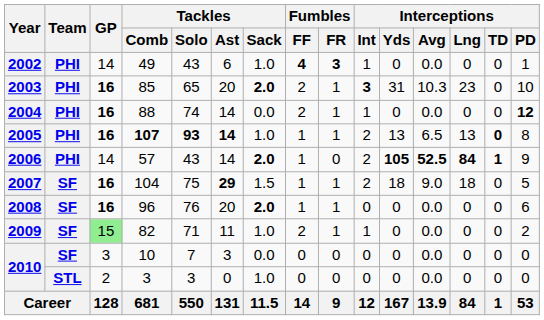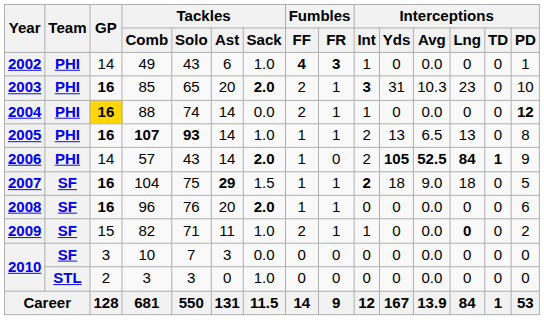 <table class="wikitable" style="text-align:center">
 <tr>
 <th rowspan="2">Year</th>
 <th rowspan="2">Team</th>
 <th rowspan="2">GP</th>
 <th colspan="4">Tackles</th>
 <th colspan="2">Fumbles</th>
 <th colspan="6">Interceptions</th>
 </tr>
 <tr>
 <th>Comb</th>
 <th>Solo</th>
 <th>Ast</th>
 <th>Sack</th>
 <th>FF</th>
 <th>FR</th>
 <th>Int</th>
 <th>Yds</th>
 <th>Avg</th>
 <th>Lng</th>
 <th>TD</th>
 <th>PD</th>
 </tr>
 <tr>
 <th><a href='#'>2002</a></th>
 <th><a href='#'>PHI</a></th>
 <td>14</td>
 <td>49</td>
 <td>43</td>
 <td>6</td>
 <td>1.0</td>
 <td><strong>4</strong></td>
 <td><strong>3</strong></td>
 <td>1</td>
 <td>0</td>
 <td>0.0</td>
 <td>0</td>
 <td>0</td>
 <td>1</td>
 </tr>
 <tr>
 <th><a href='#'>2003</a></th>
 <th><a href='#'>PHI</a></th>
 <td><strong>16</strong></td>
 <td>85</td>
 <td>65</td>
 <td>20</td>
 <td><strong>2.0</strong></td>
 <td>2</td>
 <td>1</td>
 <td><strong>3</strong></td>
 <td>31</td>
 <td>10.3</td>
 <td>23</td>
 <td>0</td>
 <td>10</td>
 </tr>
 <tr>
 <th><a href='#'>2004</a></th>
 <th><a href='#'>PHI</a></th>
-<td><strong>16</strong></td>
+<td style="background: gold;"><strong>16</strong></td>
 <td>88</td>
 <td>74</td>
 <td>14</td>
 <td>0.0</td>
 <td>2</td>
 <td>1</td>
 <td>1</td>
 <td>0</td>
 <td>0.0</td>
 <td>0</td>
 <td>0</td>
 <td><strong>12</strong></td>
 </tr>
 <tr>
 <th><a href='#'>2005</a></th>
 <th><a href='#'>PHI</a></th>
 <td><strong>16</strong></td>
 <td><strong>107</strong></td>
 <td><strong>93</strong></td>
-<td><strong>14</strong></td>
+<td>14</td>
 <td>1.0</td>
 <td>1</td>
 <td>1</td>
 <td>2</td>
 <td>13</td>
 <td>6.5</td>
 <td>13</td>
-<td><strong>0</strong></td>
+<td>0</td>
 <td>8</td>
 </tr>
 <tr>
 <th><a href='#'>2006</a></th>
 <th><a href='#'>PHI</a></th>
 <td>14</td>
 <td>57</td>
 <td>43</td>
 <td>14</td>
 <td><strong>2.0</strong></td>
 <td>1</td>
 <td>0</td>
 <td>2</td>
 <td><strong>105</strong></td>
 <td><strong>52.5</strong></td>
 <td><strong>84</strong></td>
 <td><strong>1</strong></td>
 <td>9</td>
 </tr>
 <tr>
 <th><a href='#'>2007</a></th>
 <th><a href='#'>SF</a></th>
 <td><strong>16</strong></td>
 <td>104</td>
 <td>75</td>
 <td><strong>29</strong></td>
 <td>1.5</td>
 <td>1</td>
 <td>1</td>
-<td>2</td>
+<td><strong>2</strong></td>
 <td>18</td>
 <td>9.0</td>
 <td>18</td>
 <td>0</td>
 <td>5</td>
 </tr>
 <tr>
 <th><a href='#'>2008</a></th>
 <th><a href='#'>SF</a></th>
 <td><strong>16</strong></td>
 <td>96</td>
 <td>76</td>
 <td>20</td>
 <td><strong>2.0</strong></td>
 <td>1</td>
 <td>1</td>
 <td>0</td>
 <td>0</td>
 <td>0.0</td>
 <td>0</td>
 <td>0</td>
 <td>6</td>
 </tr>
 <tr>
 <th><a href='#'>2009</a></th>
 <th><a href='#'>SF</a></th>
-<td style="background: lightgreen;">15</td>
+<td>15</td>
 <td>82</td>
 <td>71</td>
 <td>11</td>
 <td>1.0</td>
 <td>2</td>
 <td>1</td>
 <td>1</td>
 <td>0</td>
 <td>0.0</td>
-<td>0</td>
+<td><strong>0</strong></td>
 <td>0</td>
 <td>2</td>
 </tr>
 <tr>
 <th rowspan="2"><a href='#'>2010</a></th>
 <th><a href='#'>SF</a></th>
 <td>3</td>
 <td>10</td>
 <td>7</td>
 <td>3</td>
 <td>0.0</td>
 <td>0</td>
 <td>0</td>
 <td>0</td>
 <td>0</td>
 <td>0.0</td>
 <td>0</td>
 <td>0</td>
 <td>0</td>
 </tr>
 <tr>
 <th><a href='#'>STL</a></th>
 <td>2</td>
 <td>3</td>
 <td>3</td>
 <td>0</td>
 <td>1.0</td>
 <td>0</td>
 <td>0</td>
 <td>0</td>
 <td>0</td>
 <td>0.0</td>
 <td>0</td>
 <td>0</td>
 <td>0</td>
 </tr>
 <tr>
 <th colspan="2">Career</th>
 <th>128</th>
 <th>681</th>
 <th>550</th>
 <th>131</th>
 <th>11.5</th>
 <th>14</th>
 <th>9</th>
 <th>12</th>
 <th>167</th>
 <th>13.9</th>
 <th>84</th>
 <th>1</th>
 <th>53</th>
 </tr>
 </table>
